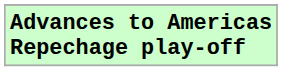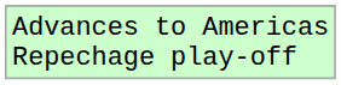 <table class="wikitable">
 <tr>
 </tr>
 <tr width=10px bgcolor="#ccffcc">
-<td><strong>Advances to Americas<br>Repechage play-off</strong></td>
+<td>Advances to Americas<br>Repechage play-off</td>
 </tr>
 </table>
